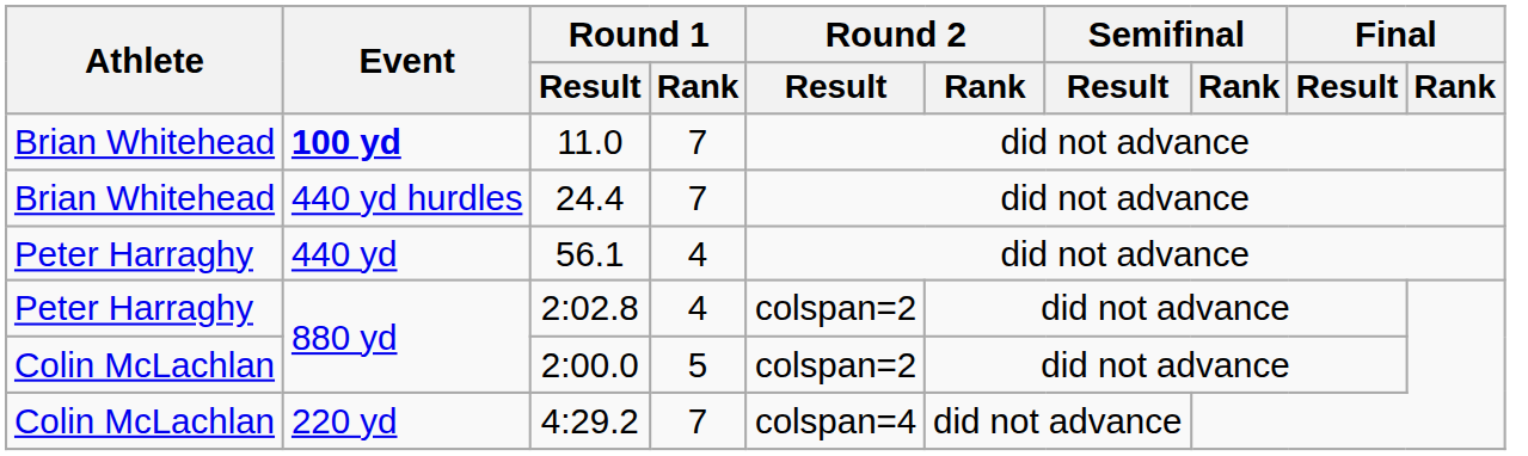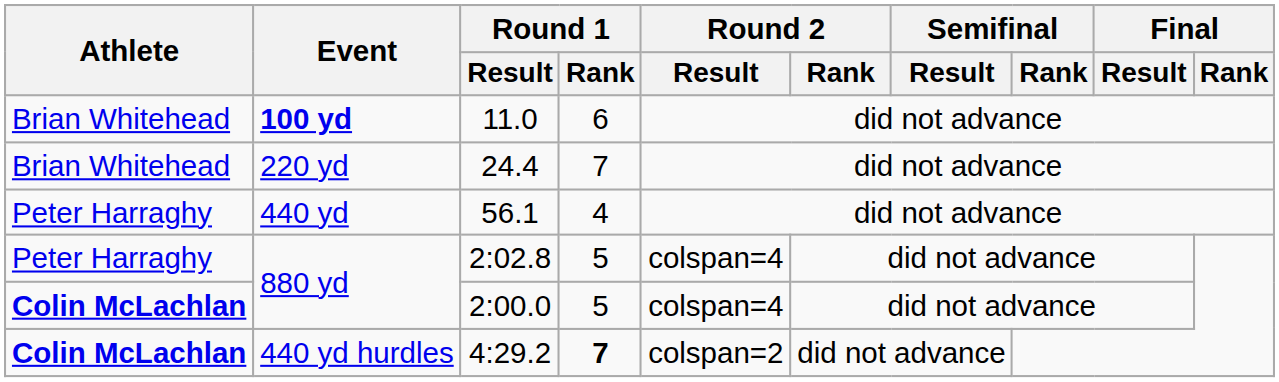 <table class=wikitable style=font-size:90%>
 <tr>
 <th rowspan=2>Athlete</th>
 <th rowspan=2>Event</th>
 <th colspan=2>Round 1</th>
 <th colspan=2>Round 2</th>
 <th colspan=2>Semifinal</th>
 <th colspan=2>Final</th>
 </tr>
 <tr style=font-size:95%>
 <th>Result</th>
 <th>Rank</th>
 <th>Result</th>
 <th>Rank</th>
 <th>Result</th>
 <th>Rank</th>
 <th>Result</th>
 <th>Rank</th>
 </tr>
 <tr align=center>
 <td align=left><a href='#'>Brian Whitehead</a></td>
 <td align=left><strong><a href='#'>100 yd</a></strong></td>
 <td>11.0</td>
-<td>7</td>
+<td>6</td>
 <td colspan=6>did not advance</td>
 </tr>
 <tr align=center>
 <td align=left><a href='#'>Brian Whitehead</a></td>
-<td align=left><a href='#'>440 yd hurdles</a></td>
+<td align=left><a href='#'>220 yd</a></td>
 <td>24.4</td>
 <td>7</td>
 <td colspan=6>did not advance</td>
 </tr>
 <tr align=center>
 <td align=left><a href='#'>Peter Harraghy</a></td>
 <td align=left><a href='#'>440 yd</a></td>
 <td>56.1</td>
 <td>4</td>
 <td colspan=6>did not advance</td>
 </tr>
 <tr align=center>
 <td align=left><a href='#'>Peter Harraghy</a></td>
 <td align=left rowspan=2><a href='#'>880 yd</a></td>
 <td>2:02.8</td>
-<td>4</td>
-<td>colspan=2 </td>
+<td>5</td>
+<td>colspan=4 </td>
 <td colspan=4>did not advance</td>
 </tr>
 <tr align=center>
-<td align=left><a href='#'>Colin McLachlan</a></td>
+<td align=left><strong><a href='#'>Colin McLachlan</a></strong></td>
 <td>2:00.0</td>
 <td>5</td>
-<td>colspan=2 </td>
+<td>colspan=4 </td>
 <td colspan=4>did not advance</td>
 </tr>
 <tr align=center>
-<td align=left><a href='#'>Colin McLachlan</a></td>
-<td align=left><a href='#'>220 yd</a></td>
+<td align=left><strong><a href='#'>Colin McLachlan</a></strong></td>
+<td align=left><a href='#'>440 yd hurdles</a></td>
 <td>4:29.2</td>
-<td>7</td>
-<td>colspan=4 </td>
+<td><strong>7</strong></td>
+<td>colspan=2 </td>
 <td colspan=2>did not advance</td>
 </tr>
 </table>
